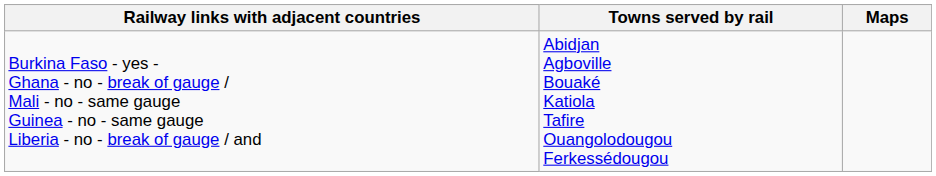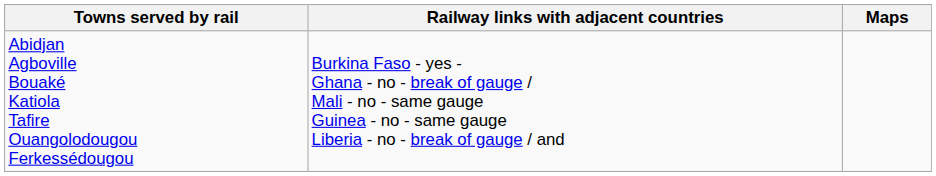 <table class="wikitable" style="width:100%">
 <tr>
+<th>Towns served by rail</th>
 <th>Railway links with adjacent countries</th>
-<th>Towns served by rail</th>
 <th>Maps</th>
 </tr>
 <tr>
+<td><a href='#'>Abidjan</a><br><a href='#'>Agboville</a><br><a href='#'>Bouaké</a><br><a href='#'>Katiola</a><br><a href='#'>Tafire</a><br><a href='#'>Ouangolodougou</a><br><a href='#'>Ferkessédougou</a></td>
 <td> <a href='#'>Burkina Faso</a> - yes - <br> <a href='#'>Ghana</a> - no - <a href='#'>break of gauge</a> /<br> <a href='#'>Mali</a> - no - same gauge<br> <a href='#'>Guinea</a> - no - same gauge<br> <a href='#'>Liberia</a> - no - <a href='#'>break of gauge</a> / and </td>
-<td><a href='#'>Abidjan</a><br><a href='#'>Agboville</a><br><a href='#'>Bouaké</a><br><a href='#'>Katiola</a><br><a href='#'>Tafire</a><br><a href='#'>Ouangolodougou</a><br><a href='#'>Ferkessédougou</a></td>
 <td></td>
 </tr>
 </table>
